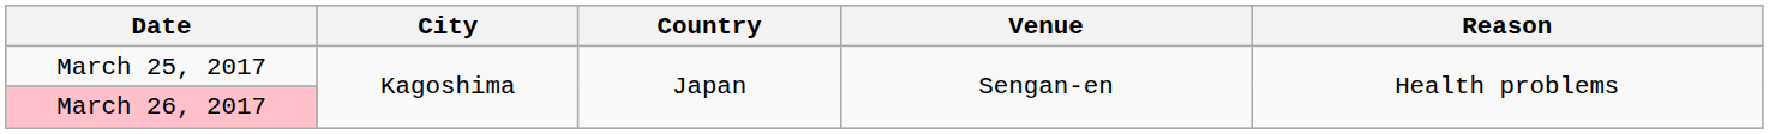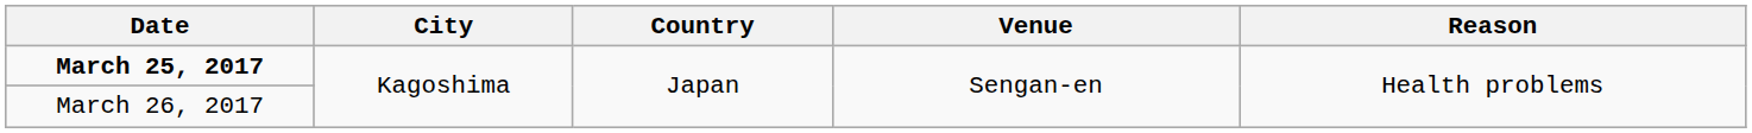 <table class="wikitable" style="text-align:center;">
 <tr>
 <th scope="col" style="width:12em;">Date</th>
 <th scope="col" style="width:10em;">City</th>
 <th scope="col" style="width:10em;">Country</th>
 <th scope="col" style="width:16em;">Venue</th>
 <th scope="col" style="width:20em;">Reason</th>
 </tr>
 <tr>
-<td>March 25, 2017</td>
+<td><strong>March 25, 2017</strong></td>
 <td rowspan="2">Kagoshima</td>
 <td rowspan="2">Japan</td>
 <td rowspan="2">Sengan-en</td>
 <td rowspan="2">Health problems</td>
 </tr>
 <tr>
-<td style="background: pink;">March 26, 2017</td>
+<td>March 26, 2017</td>
 </tr>
 </table>
